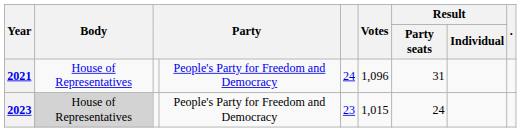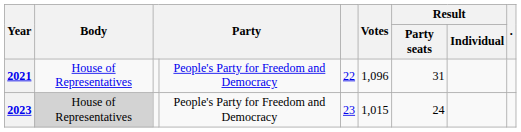 <table class="wikitable plainrowheaders sortable" border=2 cellpadding=4 cellspacing=0 style="border: 1px #aaa solid; font-size: 90%; text-align:center;">
 <tr>
 <th scope="col" rowspan=2>Year</th>
 <th scope="col" rowspan=2>Body</th>
 <th scope="col" colspan=2 rowspan=2>Party</th>
 <th scope="col" rowspan=2></th>
 <th scope="col" rowspan=2>Votes</th>
 <th scope="colgroup" colspan=2>Result</th>
 <th scope="col" rowspan=2 class="unsortable">.</th>
 </tr>
 <tr>
 <th scope="col">Party seats</th>
 <th scope="col">Individual</th>
 </tr>
 <tr>
 <th scope="row"><a href='#'>2021</a></th>
 <td><a href='#'>House of Representatives</a></td>
 <td style="background-color:"></td>
 <td><a href='#'>People's Party for Freedom and Democracy</a></td>
-<td style=text-align:right><a href='#'>24</a></td>
+<td style=text-align:right><a href='#'>22</a></td>
 <td style=text-align:right>1,096</td>
 <td style=text-align:right>31</td>
 <td></td>
 <td></td>
 </tr>
 <tr>
 <th scope="row"><a href='#'>2023</a></th>
 <td style="background: lightgrey;">House of Representatives</td>
 <td style="background-color:"></td>
 <td>People's Party for Freedom and Democracy</td>
 <td style=text-align:right><a href='#'>23</a></td>
 <td style=text-align:right>1,015</td>
 <td style=text-align:right>24</td>
 <td></td>
 <td></td>
 </tr>
 </table>
